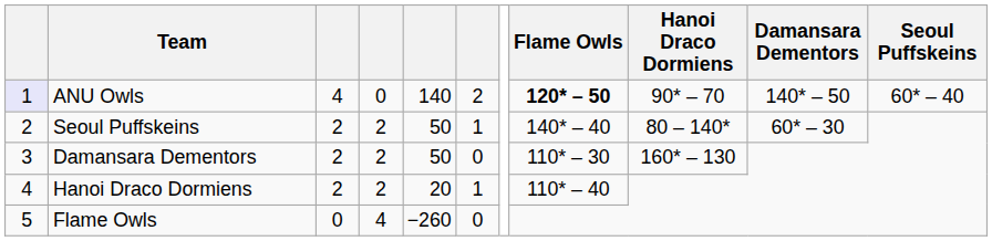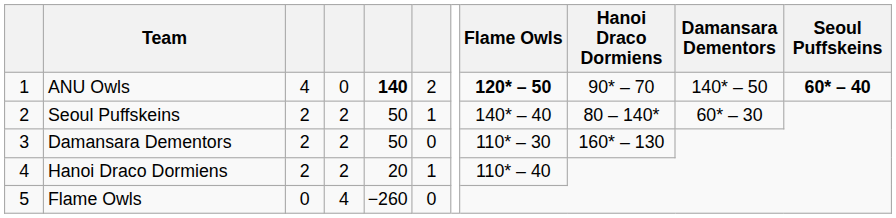 <table class="wikitable" style="text-align:center;">
 <tr>
 <th width="28px"></th>
 <th width="210px">Team</th>
 <th width="28px"></th>
 <th width="28px"></th>
 <th width="28px"></th>
 <th width="28px"></th>
 <th style="background-color:white;border-bottom:white;" rowspan="8"></th>
 <th width="90px">Flame Owls</th>
 <th width="90px">Hanoi Draco Dormiens</th>
 <th width="90px">Damansara Dementors</th>
 <th width="90px">Seoul Puffskeins</th>
 </tr>
 <tr>
-<td style="background: lavender;">1</td>
+<td>1</td>
 <td style="text-align:left;"> ANU Owls</td>
 <td>4</td>
 <td>0</td>
-<td style="text-align:right;">140</td>
+<td style="text-align:right;"><strong>140</strong></td>
 <td>2</td>
 <td><strong>120* – 50</strong></td>
 <td>90* – 70</td>
 <td>140* – 50</td>
-<td>60* – 40</td>
+<td><strong>60* – 40</strong></td>
 </tr>
 <tr>
 <td>2</td>
 <td style="text-align:left;"> Seoul Puffskeins</td>
 <td>2</td>
 <td>2</td>
 <td style="text-align:right;">50</td>
 <td>1</td>
 <td>140* – 40</td>
 <td>80 – 140*</td>
 <td>60* – 30</td>
 </tr>
 <tr>
 <td>3</td>
 <td style="text-align:left;"> Damansara Dementors</td>
 <td>2</td>
 <td>2</td>
 <td style="text-align:right;">50</td>
 <td>0</td>
 <td>110* – 30</td>
 <td>160* – 130</td>
 </tr>
 <tr>
 <td>4</td>
 <td style="text-align:left;"> Hanoi Draco Dormiens</td>
 <td>2</td>
 <td>2</td>
 <td style="text-align:right;">20</td>
 <td>1</td>
 <td>110* – 40</td>
 </tr>
 <tr>
 <td>5</td>
 <td style="text-align:left;"> Flame Owls</td>
 <td>0</td>
 <td>4</td>
 <td style="text-align:right;">−260</td>
 <td>0</td>
 </tr>
 </table>
